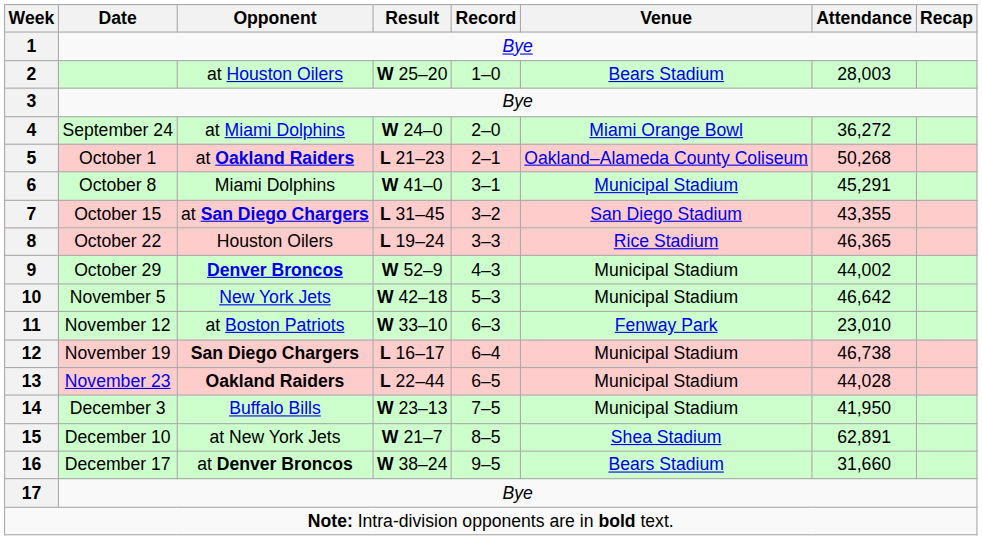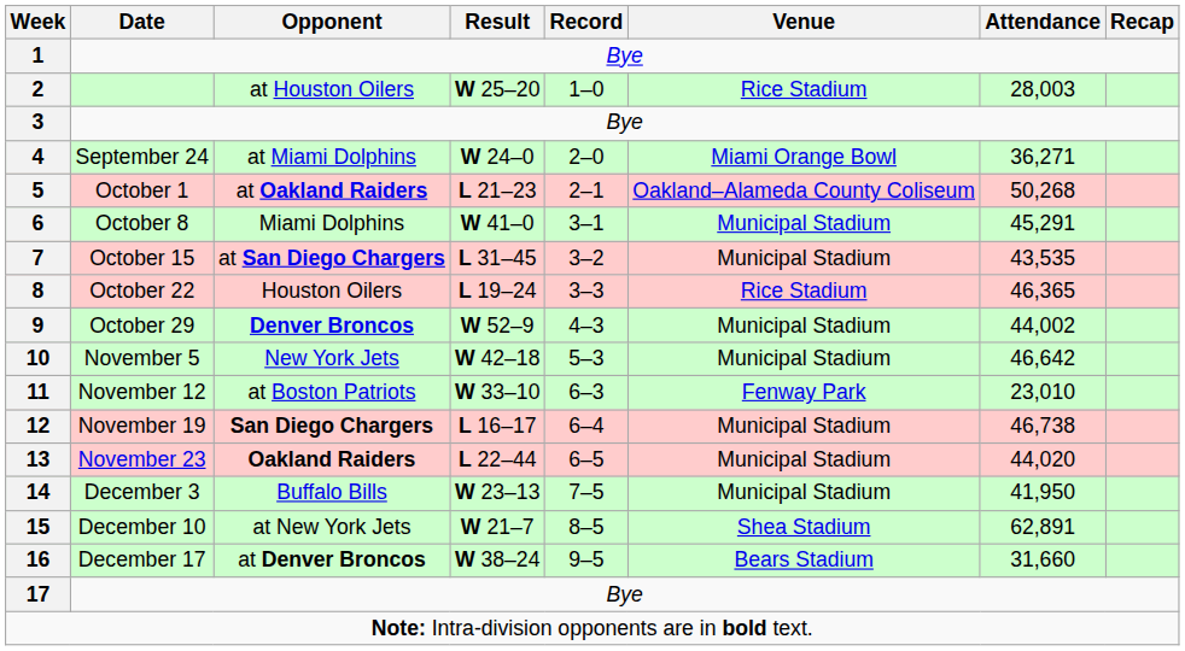 <table class="wikitable" style="text-align:center">
 <tr>
 <th>Week</th>
 <th>Date</th>
 <th>Opponent</th>
 <th>Result</th>
 <th>Record</th>
 <th>Venue</th>
 <th>Attendance</th>
 <th>Recap</th>
 </tr>
 <tr>
 <th>1</th>
 <td colspan="7"><em><a href='#'>Bye</a></em></td>
 </tr>
 <tr style="background:#cfc">
 <th>2</th>
 <td></td>
 <td>at <a href='#'>Houston Oilers</a></td>
 <td><strong>W</strong> 25–20</td>
 <td>1–0</td>
-<td><a href='#'>Bears Stadium</a></td>
+<td><a href='#'>Rice Stadium</a></td>
 <td>28,003</td>
 <td></td>
 </tr>
 <tr>
 <th>3</th>
 <td colspan="7"><em>Bye</em></td>
 </tr>
 <tr style="background:#cfc">
 <th>4</th>
 <td>September 24</td>
 <td>at <a href='#'>Miami Dolphins</a></td>
 <td><strong>W</strong> 24–0</td>
 <td>2–0</td>
 <td><a href='#'>Miami Orange Bowl</a></td>
-<td>36,272</td>
+<td>36,271</td>
 <td></td>
 </tr>
 <tr style="background:#fcc">
 <th>5</th>
 <td>October 1</td>
 <td>at <strong><a href='#'>Oakland Raiders</a></strong></td>
 <td><strong>L</strong> 21–23</td>
 <td>2–1</td>
 <td><a href='#'>Oakland–Alameda County Coliseum</a></td>
 <td>50,268</td>
 <td></td>
 </tr>
 <tr style="background:#cfc">
 <th>6</th>
 <td>October 8</td>
 <td>Miami Dolphins</td>
 <td><strong>W</strong> 41–0</td>
 <td>3–1</td>
 <td><a href='#'>Municipal Stadium</a></td>
 <td>45,291</td>
 <td></td>
 </tr>
 <tr style="background:#fcc">
 <th>7</th>
 <td>October 15</td>
 <td>at <strong><a href='#'>San Diego Chargers</a></strong></td>
 <td><strong>L</strong> 31–45</td>
 <td>3–2</td>
-<td><a href='#'>San Diego Stadium</a></td>
-<td>43,355</td>
+<td>Municipal Stadium</td>
+<td>43,535</td>
 <td></td>
 </tr>
 <tr style="background:#fcc">
 <th>8</th>
 <td>October 22</td>
 <td>Houston Oilers</td>
 <td><strong>L</strong> 19–24</td>
 <td>3–3</td>
 <td><a href='#'>Rice Stadium</a></td>
 <td>46,365</td>
 <td></td>
 </tr>
 <tr style="background:#cfc">
 <th>9</th>
 <td>October 29</td>
 <td><strong><a href='#'>Denver Broncos</a></strong></td>
 <td><strong>W</strong> 52–9</td>
 <td>4–3</td>
 <td>Municipal Stadium</td>
 <td>44,002</td>
 <td></td>
 </tr>
 <tr style="background:#cfc">
 <th>10</th>
 <td>November 5</td>
 <td><a href='#'>New York Jets</a></td>
 <td><strong>W</strong> 42–18</td>
 <td>5–3</td>
 <td>Municipal Stadium</td>
 <td>46,642</td>
 <td></td>
 </tr>
 <tr style="background:#cfc">
 <th>11</th>
 <td>November 12</td>
 <td>at <a href='#'>Boston Patriots</a></td>
 <td><strong>W</strong> 33–10</td>
 <td>6–3</td>
 <td><a href='#'>Fenway Park</a></td>
 <td>23,010</td>
 <td></td>
 </tr>
 <tr style="background:#fcc">
 <th>12</th>
 <td>November 19</td>
 <td><strong>San Diego Chargers</strong></td>
 <td><strong>L</strong> 16–17</td>
 <td>6–4</td>
 <td>Municipal Stadium</td>
 <td>46,738</td>
 <td></td>
 </tr>
 <tr style="background:#fcc">
 <th>13</th>
 <td><a href='#'>November 23</a></td>
 <td><strong>Oakland Raiders</strong></td>
 <td><strong>L</strong> 22–44</td>
 <td>6–5</td>
 <td>Municipal Stadium</td>
-<td>44,028</td>
+<td>44,020</td>
 <td></td>
 </tr>
 <tr style="background:#cfc">
 <th>14</th>
 <td>December 3</td>
 <td><a href='#'>Buffalo Bills</a></td>
 <td><strong>W</strong> 23–13</td>
 <td>7–5</td>
 <td>Municipal Stadium</td>
 <td>41,950</td>
 <td></td>
 </tr>
 <tr style="background:#cfc">
 <th>15</th>
 <td>December 10</td>
 <td>at New York Jets</td>
 <td><strong>W</strong> 21–7</td>
 <td>8–5</td>
 <td><a href='#'>Shea Stadium</a></td>
 <td>62,891</td>
 <td></td>
 </tr>
 <tr style="background:#cfc">
 <th>16</th>
 <td>December 17</td>
 <td>at <strong>Denver Broncos</strong></td>
 <td><strong>W</strong> 38–24</td>
 <td>9–5</td>
 <td><a href='#'>Bears Stadium</a></td>
 <td>31,660</td>
 <td></td>
 </tr>
 <tr>
 <th>17</th>
 <td colspan="7"><em>Bye</em></td>
 </tr>
 <tr>
 <td colspan="8"><strong>Note:</strong> Intra-division opponents are in <strong>bold</strong> text.</td>
 </tr>
 </table>
